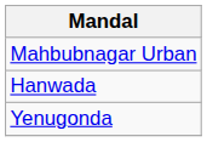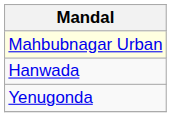 <table class="wikitable sortable static-row-numbers static-row-header-hash">
 <tr>
 <th>Mandal</th>
 </tr>
 <tr>
-<td><a href='#'>Mahbubnagar Urban</a></td>
+<td style="background: lightyellow;"><a href='#'>Mahbubnagar Urban</a></td>
 </tr>
 <tr>
 <td><a href='#'>Hanwada</a></td>
 </tr>
 <tr>
 <td><a href='#'>Yenugonda</a></td>
 </tr>
 <tr>
 </tr>
 </table>
